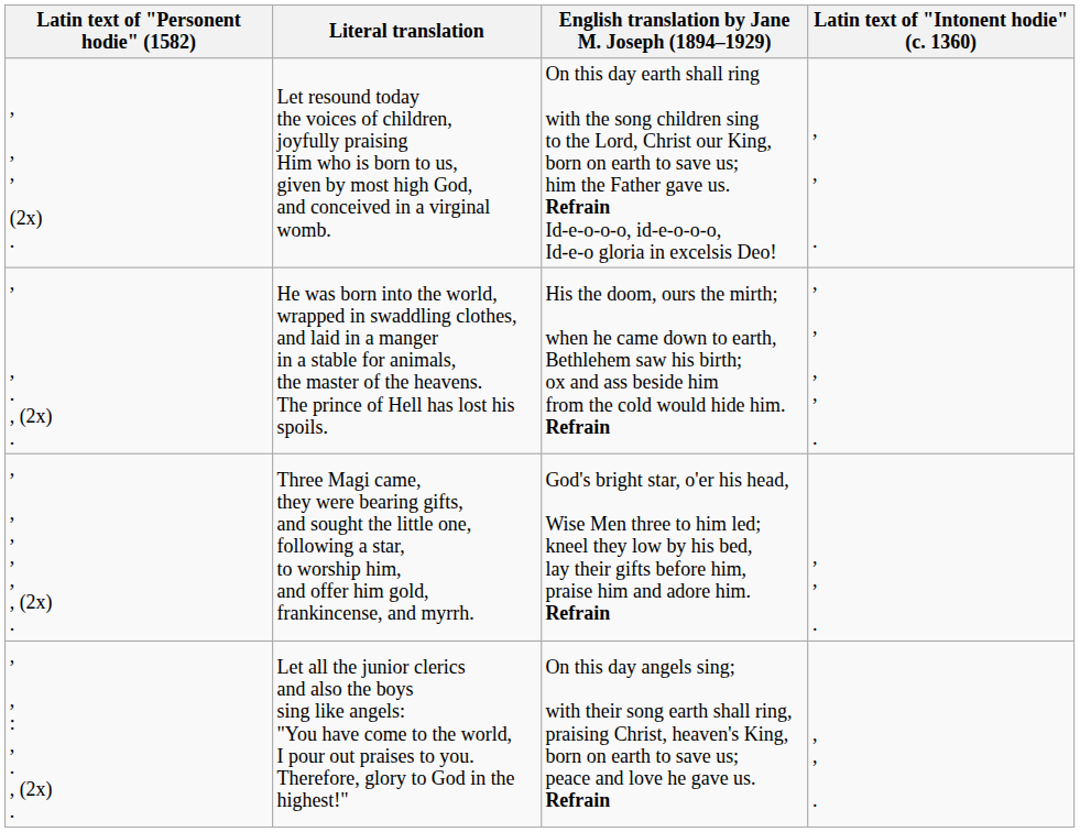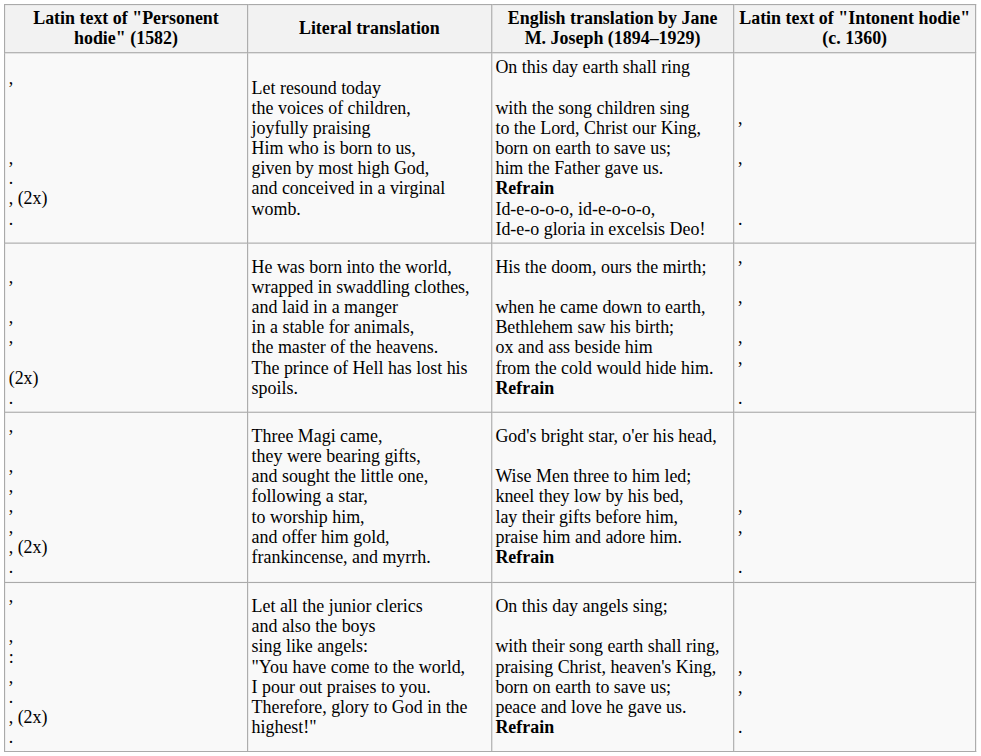 <table class="wikitable">
 <tr>
 <th width="225">Latin text of "Personent hodie" (1582)</th>
 <th width="225">Literal translation</th>
 <th width="225">English translation by Jane M. Joseph (1894–1929)</th>
 <th width="225">Latin text of "Intonent hodie" (c. 1360)</th>
 </tr>
 <tr>
-<td> <br>,<br><br>,<br>,<br><br> (2x)<br>.<br></td>
+<td>,<br><br><br> <br> ,<br> .<br> , (2x)<br>.<br></td>
 <td>Let resound today<br>the voices of children,<br>joyfully praising<br>Him who is born to us,<br>given by most high God,<br>and conceived in a virginal womb.</td>
 <td>On this day earth shall ring<br><br>with the song children sing<br> to the Lord, Christ our King,<br> born on earth to save us;<br> him the Father gave us.<br><strong>Refrain</strong><br> Id-e-o-o-o, id-e-o-o-o,<br> Id-e-o gloria in excelsis Deo!<br></td>
 <td><br><br>,<br> <br> ,<br> <br> <br> .<br></td>
 </tr>
 <tr>
-<td>,<br><br><br> <br> ,<br> .<br> , (2x)<br>.<br></td>
+<td> <br>,<br><br>,<br>,<br><br> (2x)<br>.<br></td>
 <td>He was born into the world,<br>wrapped in swaddling clothes,<br>and laid in a manger<br>in a stable for animals,<br>the master of the heavens.<br>The prince of Hell has lost his spoils.</td>
 <td>His the doom, ours the mirth;<br><br>when he came down to earth,<br> Bethlehem saw his birth;<br> ox and ass beside him<br> from the cold would hide him.<br><strong>Refrain</strong><br></td>
 <td>,<br><br>,<br>  <br> ,<br> ,<br> <br> .<br></td>
 </tr>
 <tr>
 <td>,<br><br>,<br> ,<br> ,<br> ,<br> , (2x)<br>.<br></td>
 <td>Three Magi came,<br>they were bearing gifts,<br>and sought the little one,<br>following a star,<br>to worship him,<br>and offer him gold, frankincense, and myrrh.</td>
 <td>God's bright star, o'er his head,<br><br>Wise Men three to him led;<br> kneel they low by his bed,<br> lay their gifts before him,<br> praise him and adore him.<br><strong>Refrain</strong><br></td>
 <td><br><br><br> <br> ,<br> ,<br>  <br> .<br></td>
 </tr>
 <tr>
 <td>,<br><br>,<br> :<br> ,<br> .<br> , (2x)<br>.<br></td>
 <td>Let all the junior clerics<br>and also the boys<br>sing like angels:<br>"You have come to the world,<br>I pour out praises to you.<br>Therefore, glory to God in the highest!"</td>
 <td>On this day angels sing;<br><br>with their song earth shall ring,<br> praising Christ, heaven's King,<br> born on earth to save us;<br> peace and love he gave us.<br><strong>Refrain</strong><br></td>
 <td><br><br><br> ,<br> ,<br> <br> .<br></td>
 </tr>
 <tr>
 </tr>
 </table>
